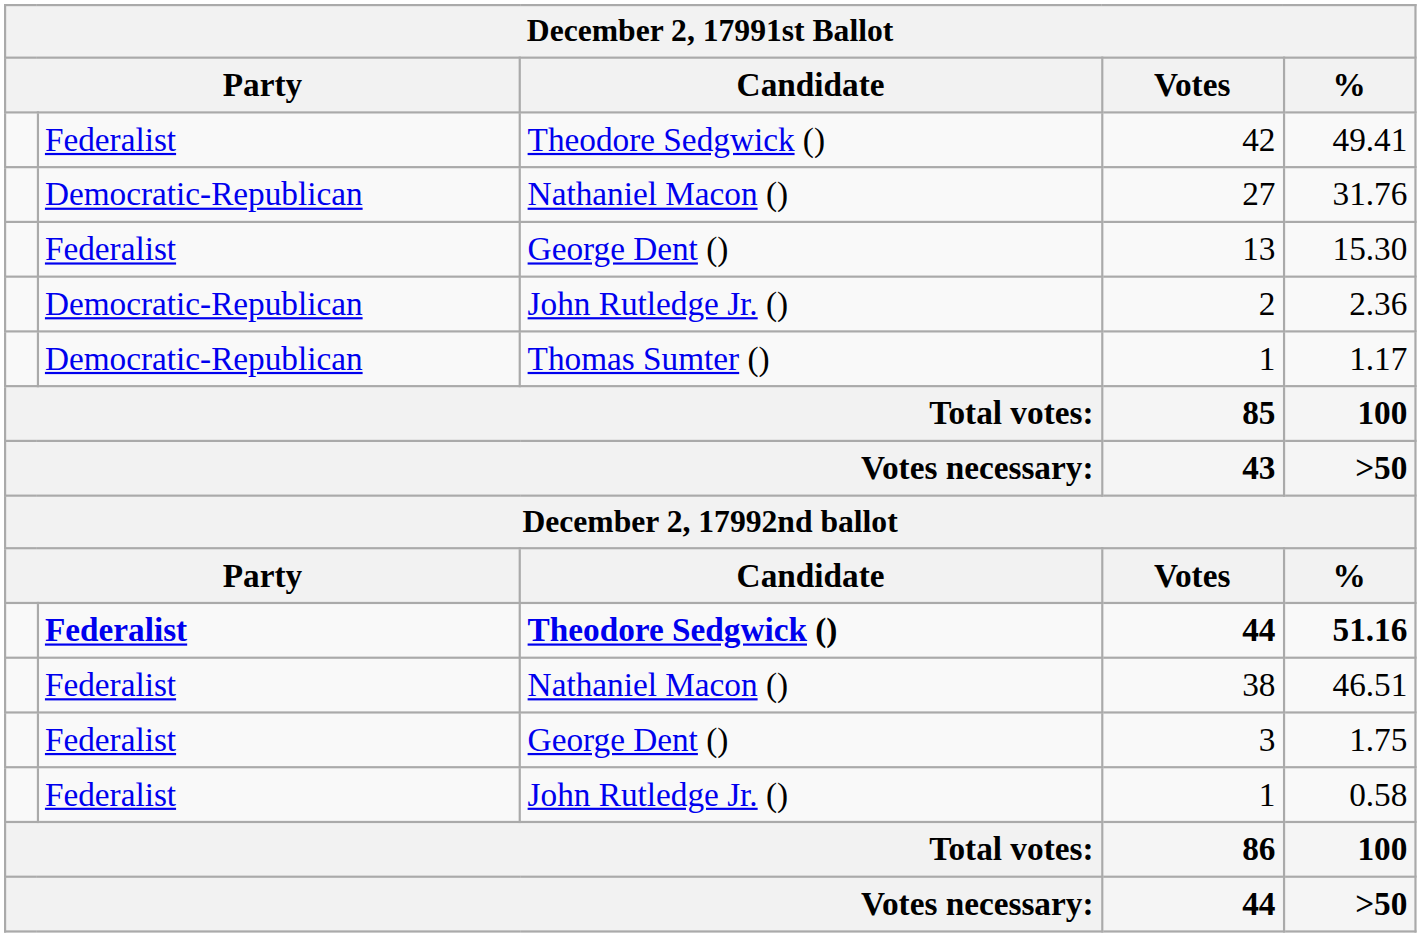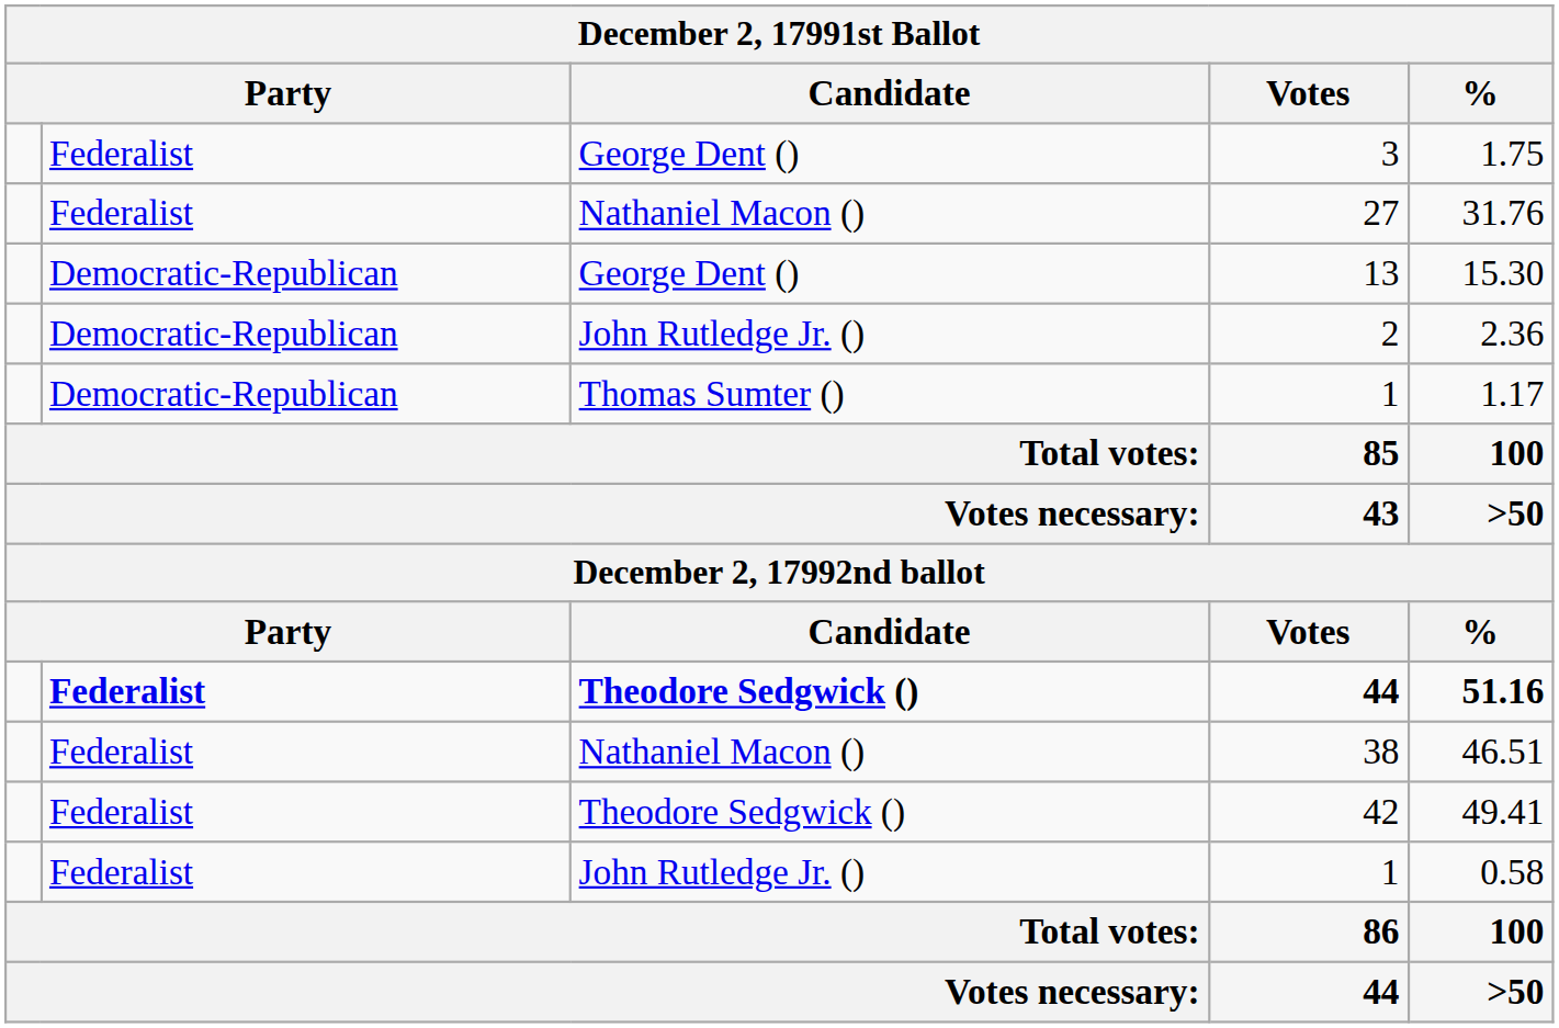 <table class="wikitable" style="margin-right:1em; font-size:95%">
 <tr>
 <th colspan=5 style="font-size:95%">December 2, 17991st Ballot</th>
 </tr>
 <tr>
 <th scope="col" colspan="2" style="width: 15em">Party</th>
 <th scope="col" style="width: 17em">Candidate</th>
 <th scope="col" style="width: 5em">Votes</th>
 <th scope="col" style="width: 3.5em">%</th>
 </tr>
 <tr>
-<td style="width: 0.5em; background:"></td>
+<td style="background:"></td>
 <td><a href='#'>Federalist</a></td>
-<td><a href='#'>Theodore Sedgwick</a> ()</td>
-<td style="text-align:right">42</td>
-<td style="text-align:right">49.41</td>
+<td><a href='#'>George Dent</a> ()</td>
+<td style="text-align:right">3</td>
+<td style="text-align:right">1.75</td>
 </tr>
 <tr>
 <td style="background:"></td>
-<td><a href='#'>Democratic-Republican</a></td>
+<td><a href='#'>Federalist</a></td>
 <td><a href='#'>Nathaniel Macon</a> ()</td>
 <td style="text-align:right">27</td>
 <td style="text-align:right">31.76</td>
 </tr>
 <tr>
 <td style="background:"></td>
-<td><a href='#'>Federalist</a></td>
+<td><a href='#'>Democratic-Republican</a></td>
 <td><a href='#'>George Dent</a> ()</td>
 <td style="text-align:right">13</td>
 <td style="text-align:right">15.30</td>
 </tr>
 <tr>
 <td style="background:"></td>
 <td><a href='#'>Democratic-Republican</a></td>
 <td><a href='#'>John Rutledge Jr.</a> ()</td>
 <td style="text-align:right">2</td>
 <td style="text-align:right">2.36</td>
 </tr>
 <tr>
 <td style="background:"></td>
 <td><a href='#'>Democratic-Republican</a></td>
 <td><a href='#'>Thomas Sumter</a> ()</td>
 <td style="text-align:right">1</td>
 <td style="text-align:right">1.17</td>
 </tr>
 <tr>
 <th colspan=3 style="text-align:right">Total votes:</th>
 <td style="text-align:right; background:#f5f5f5"><strong>85</strong></td>
 <td style="text-align:right; background:#f5f5f5"><strong>100</strong></td>
 </tr>
 <tr>
 <th colspan=3 style="text-align:right">Votes necessary:</th>
 <td style="text-align:right; background:#f5f5f5"><strong>43</strong></td>
 <td style="text-align:right; background:#f5f5f5"><strong>>50</strong></td>
 </tr>
 <tr>
 <th colspan=5 style="font-size:95%">December 2, 17992nd ballot</th>
 </tr>
 <tr>
 <th scope="col" colspan="2" style="width: 15em">Party</th>
 <th scope="col" style="width: 17em">Candidate</th>
 <th scope="col" style="width: 5em">Votes</th>
 <th scope="col" style="width: 3.5em">%</th>
 </tr>
 <tr>
 <td style="background:"></td>
 <td><strong><a href='#'>Federalist</a></strong></td>
 <td><strong><a href='#'>Theodore Sedgwick</a> ()</strong></td>
 <td style="text-align:right"><strong>44</strong></td>
 <td style="text-align:right"><strong>51.16</strong></td>
 </tr>
 <tr>
 <td style="background:"></td>
 <td><a href='#'>Federalist</a></td>
 <td><a href='#'>Nathaniel Macon</a> ()</td>
 <td style="text-align:right">38</td>
 <td style="text-align:right">46.51</td>
 </tr>
 <tr>
-<td style="background:"></td>
+<td style="width: 0.5em; background:"></td>
 <td><a href='#'>Federalist</a></td>
-<td><a href='#'>George Dent</a> ()</td>
-<td style="text-align:right">3</td>
-<td style="text-align:right">1.75</td>
+<td><a href='#'>Theodore Sedgwick</a> ()</td>
+<td style="text-align:right">42</td>
+<td style="text-align:right">49.41</td>
 </tr>
 <tr>
 <td style="background:"></td>
 <td><a href='#'>Federalist</a></td>
 <td><a href='#'>John Rutledge Jr.</a> ()</td>
 <td style="text-align:right">1</td>
 <td style="text-align:right">0.58</td>
 </tr>
 <tr>
 <th colspan=3 style="text-align:right">Total votes:</th>
 <td style="text-align:right; background:#f5f5f5"><strong>86</strong></td>
 <td style="text-align:right; background:#f5f5f5"><strong>100</strong></td>
 </tr>
 <tr>
 <th colspan=3 style="text-align:right">Votes necessary:</th>
 <td style="text-align:right; background:#f5f5f5"><strong>44</strong></td>
 <td style="text-align:right; background:#f5f5f5"><strong>>50</strong></td>
 </tr>
 </table>
